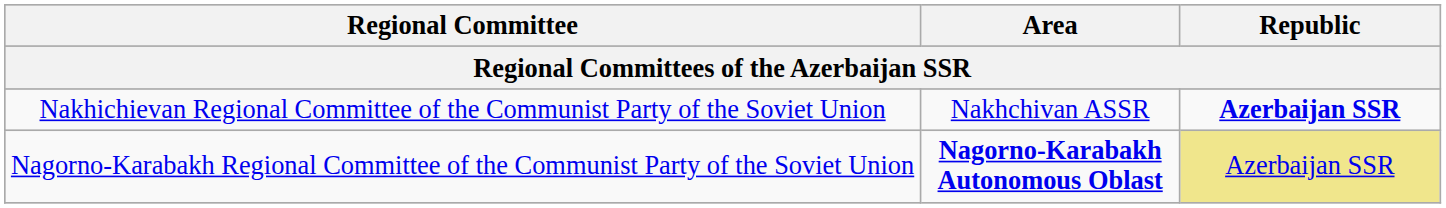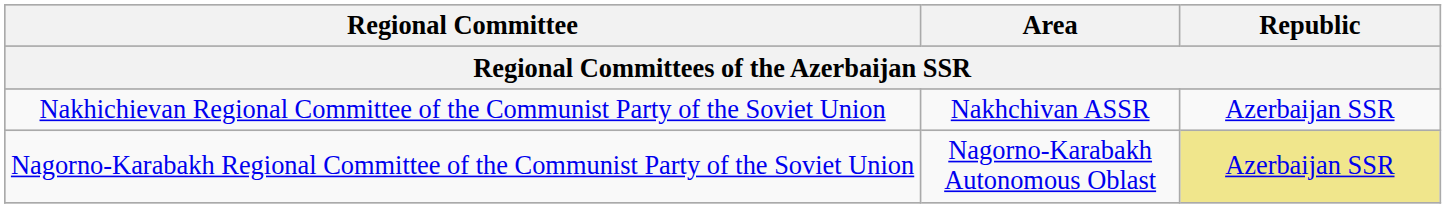 <table class="wikitable" style="text-align:center">
 <tr>
 <th>Regional Committee</th>
 <th width="150">Area</th>
 <th width="150">Republic</th>
 </tr>
 <tr>
 <th colspan="3"><strong>Regional Committees of the Azerbaijan SSR</strong></th>
 </tr>
 <tr>
 <td><a href='#'>Nakhichievan Regional Committee of the Communist Party of the Soviet Union</a></td>
 <td><a href='#'>Nakhchivan ASSR</a></td>
-<td><strong> <a href='#'>Azerbaijan SSR</a></strong></td>
+<td> <a href='#'>Azerbaijan SSR</a></td>
 </tr>
 <tr>
 <td><a href='#'>Nagorno-Karabakh Regional Committee of the Communist Party of the Soviet Union</a></td>
-<td><strong><a href='#'>Nagorno-Karabakh Autonomous Oblast</a></strong></td>
+<td><a href='#'>Nagorno-Karabakh Autonomous Oblast</a></td>
 <td style="background: khaki;"> <a href='#'>Azerbaijan SSR</a></td>
 </tr>
 </table>
